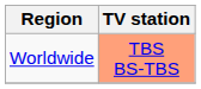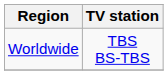 <table class="wikitable">
 <tr>
 <th>Region</th>
 <th>TV station</th>
 </tr>
 <tr>
 <td><a href='#'>Worldwide</a></td>
-<td align=center style="background: lightsalmon;"><a href='#'>TBS</a><br><a href='#'>BS-TBS</a></td>
+<td align=center><a href='#'>TBS</a><br><a href='#'>BS-TBS</a></td>
 </tr>
 <tr>
 </tr>
 </table>
